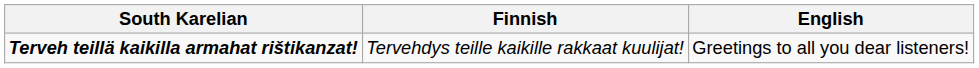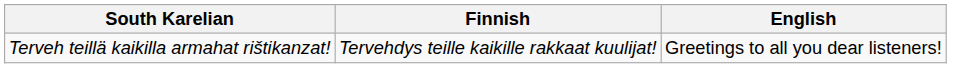 <table class="wikitable">
 <tr>
 <th>South Karelian</th>
 <th>Finnish</th>
 <th>English</th>
 </tr>
 <tr>
-<td><strong><em>Terveh teillä kaikilla armahat rištikanzat!</em></strong></td>
+<td><em>Terveh teillä kaikilla armahat rištikanzat!</em></td>
 <td><em>Tervehdys teille kaikille rakkaat kuulijat!</em></td>
 <td>Greetings to all you dear listeners!</td>
 </tr>
 </table>
